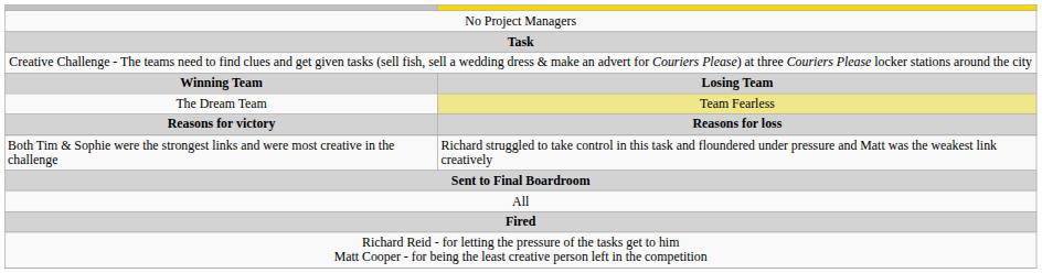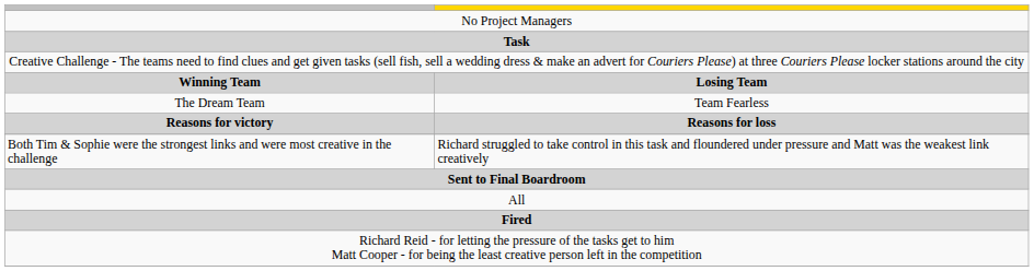 <table class="wikitable" style="text-align: center; width:100%">
 <tr>
 <th style="text-align:center; background:silver;"></th>
 <th style="text-align:center; background:gold;"></th>
 </tr>
 <tr>
 <td colspan="2">No Project Managers</td>
 </tr>
 <tr>
 <th colspan="2" style="text-align:center; background:lightgrey;">Task</th>
 </tr>
 <tr>
 <td colspan="2">Creative Challenge - The teams need to find clues and get given tasks (sell fish, sell a wedding dress & make an advert for <em>Couriers Please</em>) at three <em>Couriers Please</em> locker stations around the city</td>
 </tr>
 <tr>
 <th style="text-align:center; background:lightgrey;">Winning Team</th>
 <th style="text-align:center; background:lightgrey;">Losing Team</th>
 </tr>
 <tr>
 <td>The Dream Team</td>
-<td style="background: khaki;">Team Fearless</td>
+<td>Team Fearless</td>
 </tr>
 <tr>
 <th style="text-align:center; background:lightgrey;">Reasons for victory</th>
 <th style="text-align:center; background:lightgrey;">Reasons for loss</th>
 </tr>
 <tr style="text-align: left; ">
 </tr>
 <tr>
 <td style="text-align:left; background:;">Both Tim & Sophie were the strongest links and were most creative in the challenge</td>
 <td style="text-align:left; background:;">Richard struggled to take control in this task and floundered under pressure and Matt was the weakest link creatively</td>
 </tr>
 <tr>
 <th colspan="2" style="text-align:center; background:lightgrey;">Sent to Final Boardroom</th>
 </tr>
 <tr>
 <td colspan="2">All</td>
 </tr>
 <tr>
 <th colspan="2" style="text-align:center; background:lightgrey;">Fired</th>
 </tr>
 <tr>
 <td colspan="2">Richard Reid - for letting the pressure of the tasks get to him<br>Matt Cooper - for being the least creative person left in the competition</td>
 </tr>
 <tr>
 </tr>
 </table>
